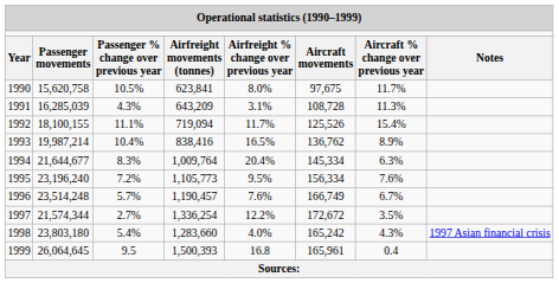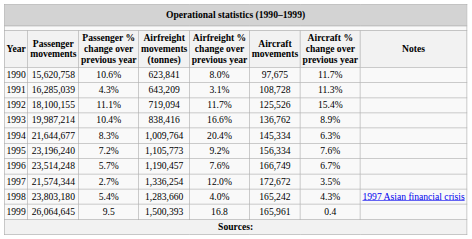 <table class="wikitable" style="text-align:center;">
 <tr>
 <th colspan="8" style="background:lightgrey; colour:black; line-height:180%;">Operational statistics (1990–1999)</th>
 </tr>
 <tr>
 <td style="text-align:center;" colspan="8"></td>
 </tr>
 <tr style="background:lightgrey;">
 <th>Year</th>
 <th>Passenger<br>movements</th>
 <th>Passenger %<br>change over<br>previous year</th>
 <th>Airfreight<br>movements<br>(tonnes)</th>
 <th>Airfreight %<br>change over<br>previous year</th>
 <th>Aircraft<br>movements</th>
 <th>Aircraft %<br>change over<br>previous year</th>
 <th>Notes</th>
 </tr>
 <tr>
 <td>1990</td>
 <td>15,620,758</td>
-<td> 10.5%</td>
+<td> 10.6%</td>
 <td>623,841</td>
 <td> 8.0%</td>
 <td>97,675</td>
 <td> 11.7%</td>
 <td></td>
 </tr>
 <tr>
 <td>1991</td>
 <td>16,285,039</td>
 <td> 4.3%</td>
 <td>643,209</td>
 <td> 3.1%</td>
 <td>108,728</td>
 <td> 11.3%</td>
 <td></td>
 </tr>
 <tr>
 <td>1992</td>
 <td>18,100,155</td>
 <td> 11.1%</td>
 <td>719,094</td>
 <td> 11.7%</td>
 <td>125,526</td>
 <td> 15.4%</td>
 <td></td>
 </tr>
 <tr>
 <td>1993</td>
 <td>19,987,214</td>
 <td> 10.4%</td>
 <td>838,416</td>
-<td> 16.5%</td>
+<td> 16.6%</td>
 <td>136,762</td>
 <td> 8.9%</td>
 <td></td>
 </tr>
 <tr>
 <td>1994</td>
 <td>21,644,677</td>
 <td> 8.3%</td>
 <td>1,009,764</td>
 <td> 20.4%</td>
 <td>145,334</td>
 <td> 6.3%</td>
 <td></td>
 </tr>
 <tr>
 <td>1995</td>
 <td>23,196,240</td>
 <td> 7.2%</td>
 <td>1,105,773</td>
-<td> 9.5%</td>
+<td> 9.2%</td>
 <td>156,334</td>
 <td> 7.6%</td>
 <td></td>
 </tr>
 <tr>
 <td>1996</td>
 <td>23,514,248</td>
 <td> 5.7%</td>
 <td>1,190,457</td>
 <td> 7.6%</td>
 <td>166,749</td>
 <td> 6.7%</td>
 <td></td>
 </tr>
 <tr>
 <td>1997</td>
 <td>21,574,344</td>
 <td> 2.7%</td>
 <td>1,336,254</td>
-<td> 12.2%</td>
+<td> 12.0%</td>
 <td>172,672</td>
 <td> 3.5%</td>
 <td></td>
 </tr>
 <tr>
 <td>1998</td>
 <td>23,803,180</td>
 <td> 5.4%</td>
 <td>1,283,660</td>
 <td> 4.0%</td>
 <td>165,242</td>
 <td> 4.3%</td>
 <td><a href='#'>1997 Asian financial crisis</a></td>
 </tr>
 <tr>
 <td>1999</td>
 <td>26,064,645</td>
 <td> 9.5</td>
 <td>1,500,393</td>
 <td> 16.8</td>
 <td>165,961</td>
 <td> 0.4</td>
 <td></td>
 </tr>
 <tr>
 <th colspan="11">Sources:</th>
 </tr>
 </table>
